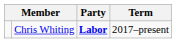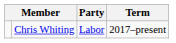 <table class="wikitable">
 <tr>
 <th colspan="2">Member</th>
 <th>Party</th>
 <th>Term</th>
 </tr>
 <tr>
 <td> </td>
 <td><a href='#'>Chris Whiting</a></td>
-<td><strong><a href='#'>Labor</a></strong></td>
+<td><a href='#'>Labor</a></td>
 <td>2017–present</td>
 </tr>
 </table>
